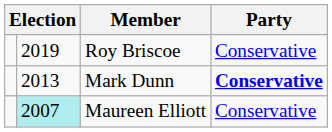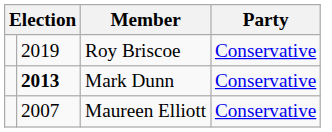 <table class="wikitable">
 <tr>
 <th colspan="2">Election</th>
 <th>Member</th>
 <th>Party</th>
 </tr>
 <tr>
 <td style="background-color: "></td>
 <td>2019</td>
 <td>Roy Briscoe</td>
 <td><a href='#'>Conservative</a></td>
 </tr>
 <tr>
 <td style="background-color: "></td>
-<td>2013</td>
+<td><strong>2013</strong></td>
 <td>Mark Dunn</td>
-<td><strong><a href='#'>Conservative</a></strong></td>
+<td><a href='#'>Conservative</a></td>
 </tr>
 <tr>
 <td style="background-color: "></td>
-<td style="background: paleturquoise;">2007</td>
+<td>2007</td>
 <td>Maureen Elliott</td>
 <td><a href='#'>Conservative</a></td>
 </tr>
 </table>
